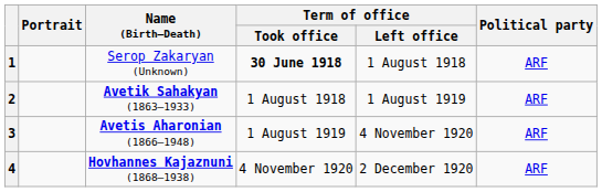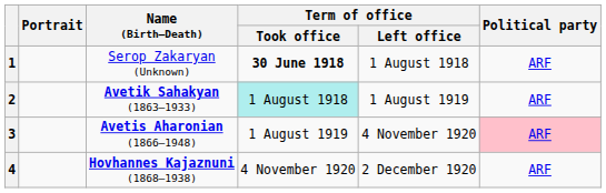 <table class="wikitable" style="text-align:center">
 <tr>
 <th rowspan="2"></th>
 <th rowspan="2">Portrait</th>
 <th colspan="2" rowspan="2">Name<br><small>(Birth–Death)</small></th>
 <th colspan="2">Term of office</th>
 <th rowspan="2">Political party</th>
 </tr>
 <tr>
 <th>Took office</th>
 <th>Left office</th>
 </tr>
 <tr>
 <th style="background:">1</th>
 <td></td>
 <td colspan="2"><a href='#'>Serop Zakaryan</a><br><small>(Unknown)</small></td>
 <td><strong>30 June 1918</strong></td>
 <td>1 August 1918</td>
 <td><a href='#'>ARF</a></td>
 </tr>
 <tr>
 <th style="background:">2</th>
 <td></td>
 <td colspan="2"><strong><a href='#'>Avetik Sahakyan</a></strong><br><small>(1863–1933)</small></td>
-<td>1 August 1918</td>
+<td style="background: paleturquoise;">1 August 1918</td>
 <td>1 August 1919</td>
 <td><a href='#'>ARF</a></td>
 </tr>
 <tr>
 <th style="background:">3</th>
 <td></td>
 <td colspan="2"><strong><a href='#'>Avetis Aharonian</a></strong><br><small>(1866–1948)</small></td>
 <td>1 August 1919</td>
 <td>4 November 1920</td>
-<td><a href='#'>ARF</a></td>
+<td style="background: pink;"><a href='#'>ARF</a></td>
 </tr>
 <tr>
 <th style="background:">4</th>
 <td colspan="2"></td>
 <td><strong><a href='#'>Hovhannes Kajaznuni</a></strong><br><small>(1868–1938)</small></td>
 <td>4 November 1920</td>
 <td>2 December 1920</td>
 <td><a href='#'>ARF</a></td>
 </tr>
 </table>
